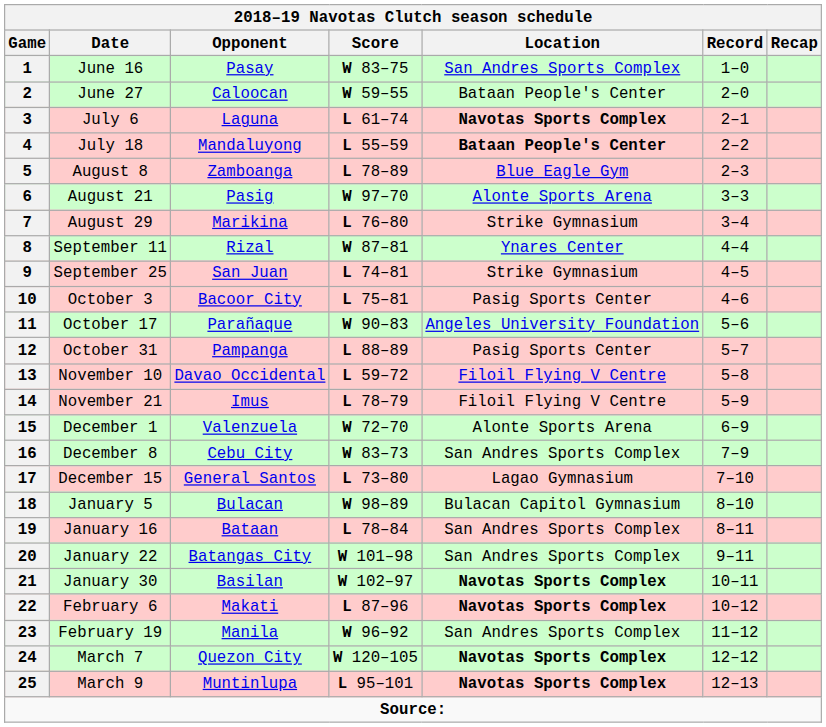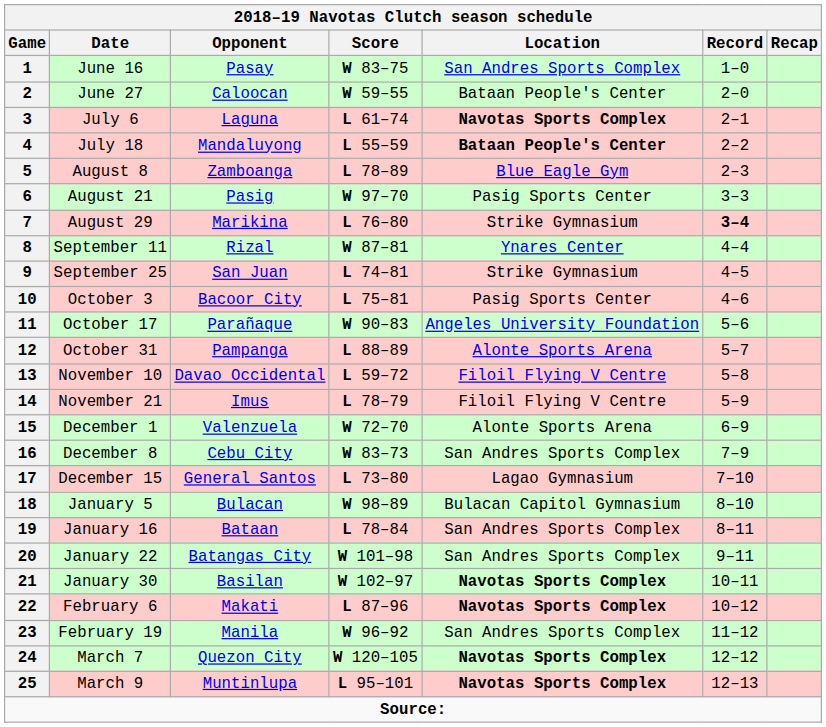 <table class="wikitable" style="text-align:center">
 <tr>
 <th colspan=7>2018–19 Navotas Clutch season schedule</th>
 </tr>
 <tr>
 <th>Game</th>
 <th>Date</th>
 <th>Opponent</th>
 <th>Score</th>
 <th>Location</th>
 <th>Record</th>
 <th>Recap<br></th>
 </tr>
 <tr style="background:#cfc">
 <th>1</th>
 <td>June 16</td>
 <td><a href='#'>Pasay</a></td>
 <td><strong>W</strong> 83–75</td>
 <td><a href='#'>San Andres Sports Complex</a></td>
 <td>1–0</td>
 <td></td>
 </tr>
 <tr style="background:#cfc">
 <th>2</th>
 <td>June 27</td>
 <td><a href='#'>Caloocan</a></td>
 <td><strong>W</strong> 59–55</td>
 <td>Bataan People's Center</td>
 <td>2–0</td>
 <td></td>
 </tr>
 <tr style="background:#fcc">
 <th>3</th>
 <td>July 6</td>
 <td><a href='#'>Laguna</a></td>
 <td><strong>L</strong> 61–74</td>
 <td><strong>Navotas Sports Complex</strong></td>
 <td>2–1</td>
 <td></td>
 </tr>
 <tr style="background:#fcc">
 <th>4</th>
 <td>July 18</td>
 <td><a href='#'>Mandaluyong</a></td>
 <td><strong>L</strong> 55–59</td>
 <td><strong>Bataan People's Center</strong></td>
 <td>2–2</td>
 <td></td>
 </tr>
 <tr style="background:#fcc">
 <th>5</th>
 <td>August 8</td>
 <td><a href='#'>Zamboanga</a></td>
 <td><strong>L</strong> 78–89</td>
 <td><a href='#'>Blue Eagle Gym</a></td>
 <td>2–3</td>
 <td></td>
 </tr>
 <tr style="background:#cfc">
 <th>6</th>
 <td>August 21</td>
 <td><a href='#'>Pasig</a></td>
 <td><strong>W</strong> 97–70</td>
-<td><a href='#'>Alonte Sports Arena</a></td>
+<td>Pasig Sports Center</td>
 <td>3–3</td>
 <td></td>
 </tr>
 <tr style="background:#fcc">
 <th>7</th>
 <td>August 29</td>
 <td><a href='#'>Marikina</a></td>
 <td><strong>L</strong> 76–80</td>
 <td>Strike Gymnasium</td>
-<td>3–4</td>
+<td><strong>3–4</strong></td>
 <td></td>
 </tr>
 <tr style="background:#cfc">
 <th>8</th>
 <td>September 11</td>
 <td><a href='#'>Rizal</a></td>
 <td><strong>W</strong> 87–81</td>
 <td><a href='#'>Ynares Center</a></td>
 <td>4–4</td>
 <td></td>
 </tr>
 <tr style="background:#fcc">
 <th>9</th>
 <td>September 25</td>
 <td><a href='#'>San Juan</a></td>
 <td><strong>L</strong> 74–81</td>
 <td>Strike Gymnasium</td>
 <td>4–5</td>
 <td><br></td>
 </tr>
 <tr style="background:#fcc">
 <th>10</th>
 <td>October 3</td>
 <td><a href='#'>Bacoor City</a></td>
 <td><strong>L</strong> 75–81</td>
 <td>Pasig Sports Center</td>
 <td>4–6</td>
 <td></td>
 </tr>
 <tr style="background:#cfc">
 <th>11</th>
 <td>October 17</td>
 <td><a href='#'>Parañaque</a></td>
 <td><strong>W</strong> 90–83</td>
 <td><a href='#'>Angeles University Foundation</a></td>
 <td>5–6</td>
 <td></td>
 </tr>
 <tr style="background:#fcc">
 <th>12</th>
 <td>October 31</td>
 <td><a href='#'>Pampanga</a></td>
 <td><strong>L</strong> 88–89</td>
-<td>Pasig Sports Center</td>
+<td><a href='#'>Alonte Sports Arena</a></td>
 <td>5–7</td>
 <td></td>
 </tr>
 <tr style="background:#fcc">
 <th>13</th>
 <td>November 10</td>
 <td><a href='#'>Davao Occidental</a></td>
 <td><strong>L</strong> 59–72</td>
 <td><a href='#'>Filoil Flying V Centre</a></td>
 <td>5–8</td>
 <td></td>
 </tr>
 <tr style="background:#fcc">
 <th>14</th>
 <td>November 21</td>
 <td><a href='#'>Imus</a></td>
 <td><strong>L</strong> 78–79</td>
 <td>Filoil Flying V Centre</td>
 <td>5–9</td>
 <td></td>
 </tr>
 <tr style="background:#cfc">
 <th>15</th>
 <td>December 1</td>
 <td><a href='#'>Valenzuela</a></td>
 <td><strong>W</strong> 72–70</td>
 <td>Alonte Sports Arena</td>
 <td>6–9</td>
 <td></td>
 </tr>
 <tr style="background:#cfc">
 <th>16</th>
 <td>December 8</td>
 <td><a href='#'>Cebu City</a></td>
 <td><strong>W</strong> 83–73</td>
 <td>San Andres Sports Complex</td>
 <td>7–9</td>
 <td></td>
 </tr>
 <tr style="background:#fcc">
 <th>17</th>
 <td>December 15</td>
 <td><a href='#'>General Santos</a></td>
 <td><strong>L</strong> 73–80</td>
 <td>Lagao Gymnasium</td>
 <td>7–10</td>
 <td><br></td>
 </tr>
 <tr style="background:#cfc">
 <th>18</th>
 <td>January 5</td>
 <td><a href='#'>Bulacan</a></td>
 <td><strong>W</strong> 98–89</td>
 <td>Bulacan Capitol Gymnasium</td>
 <td>8–10</td>
 <td></td>
 </tr>
 <tr style="background:#fcc">
 <th>19</th>
 <td>January 16</td>
 <td><a href='#'>Bataan</a></td>
 <td><strong>L</strong> 78–84</td>
 <td>San Andres Sports Complex</td>
 <td>8–11</td>
 <td></td>
 </tr>
 <tr style="background:#cfc">
 <th>20</th>
 <td>January 22</td>
 <td><a href='#'>Batangas City</a></td>
 <td><strong>W</strong> 101–98 </td>
 <td>San Andres Sports Complex</td>
 <td>9–11</td>
 <td></td>
 </tr>
 <tr style="background:#cfc">
 <th>21</th>
 <td>January 30</td>
 <td><a href='#'>Basilan</a></td>
 <td><strong>W</strong> 102–97</td>
 <td><strong>Navotas Sports Complex</strong></td>
 <td>10–11</td>
 <td></td>
 </tr>
 <tr style="background:#fcc">
 <th>22</th>
 <td>February 6</td>
 <td><a href='#'>Makati</a></td>
 <td><strong>L</strong> 87–96</td>
 <td><strong>Navotas Sports Complex</strong></td>
 <td>10–12</td>
 <td></td>
 </tr>
 <tr style="background:#cfc">
 <th>23</th>
 <td>February 19</td>
 <td><a href='#'>Manila</a></td>
 <td><strong>W</strong> 96–92</td>
 <td>San Andres Sports Complex</td>
 <td>11–12</td>
 <td></td>
 </tr>
 <tr style="background:#cfc">
 <th>24</th>
 <td>March 7</td>
 <td><a href='#'>Quezon City</a></td>
 <td><strong>W</strong> 120–105</td>
 <td><strong>Navotas Sports Complex</strong></td>
 <td>12–12</td>
 <td></td>
 </tr>
 <tr style="background:#fcc">
 <th>25</th>
 <td>March 9</td>
 <td><a href='#'>Muntinlupa</a></td>
 <td><strong>L</strong> 95–101</td>
 <td><strong>Navotas Sports Complex</strong></td>
 <td>12–13</td>
 <td></td>
 </tr>
 <tr>
 <td colspan=7 align=center><strong>Source: </strong></td>
 </tr>
 </table>
